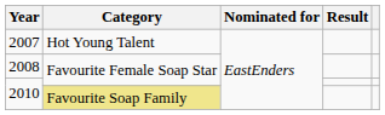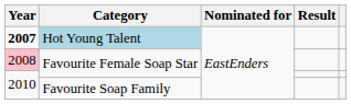 <table class="wikitable plainrowheaders">
 <tr>
 <th scope="col">Year</th>
 <th scope="col">Category</th>
 <th scope="col">Nominated for</th>
 <th scope="col">Result</th>
 <th scope="col"></th>
 </tr>
 <tr>
-<td align="center">2007</td>
-<td>Hot Young Talent</td>
+<td align="center"><strong>2007</strong></td>
+<td style="background: lightblue;">Hot Young Talent</td>
 <td rowspan="4"><em>EastEnders</em></td>
 <td></td>
 <td align="center"></td>
 </tr>
 <tr>
-<td align="center">2008</td>
+<td align="center" style="background: pink;">2008</td>
 <td rowspan="2">Favourite Female Soap Star</td>
 <td></td>
 <td align="center"></td>
 </tr>
 <tr>
 <td rowspan = "2" align="center">2010</td>
 <td></td>
 <td align="center"></td>
 </tr>
 <tr>
-<td style="background: khaki;">Favourite Soap Family</td>
+<td>Favourite Soap Family</td>
 <td></td>
 <td align="center"></td>
 </tr>
 </table>
